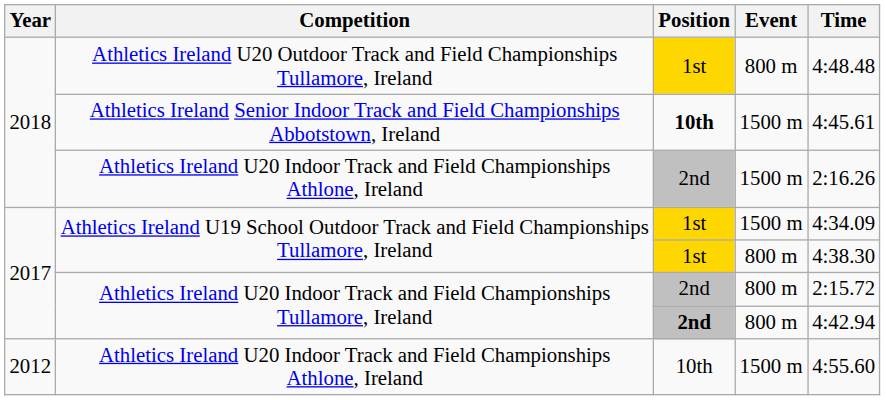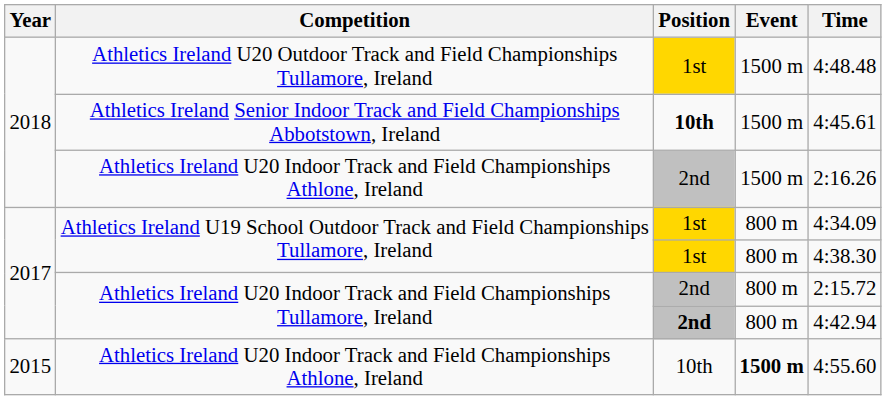 <table class="wikitable sortable" style=text-align:center>
 <tr>
 <th>Year</th>
 <th>Competition</th>
 <th>Position</th>
 <th>Event</th>
 <th>Time</th>
 </tr>
 <tr>
 <td rowspan=3>2018</td>
 <td><a href='#'>Athletics Ireland</a> U20 Outdoor Track and Field Championships<br><a href='#'>Tullamore</a>, Ireland</td>
 <td bgcolor=gold>1st</td>
-<td>800 m</td>
+<td>1500 m</td>
 <td>4:48.48</td>
 </tr>
 <tr>
 <td><a href='#'>Athletics Ireland</a> <a href='#'>Senior Indoor Track and Field Championships</a><br><a href='#'>Abbotstown</a>, Ireland</td>
 <td><strong>10th</strong></td>
 <td>1500 m</td>
 <td>4:45.61</td>
 </tr>
 <tr>
 <td><a href='#'>Athletics Ireland</a> U20 Indoor Track and Field Championships<br><a href='#'>Athlone</a>, Ireland</td>
 <td bgcolor=silver>2nd</td>
 <td>1500 m</td>
 <td>2:16.26</td>
 </tr>
 <tr>
 <td rowspan=4>2017</td>
 <td rowspan=2><a href='#'>Athletics Ireland</a> U19 School Outdoor Track and Field Championships<br><a href='#'>Tullamore</a>, Ireland</td>
 <td bgcolor=gold>1st</td>
-<td>1500 m</td>
+<td>800 m</td>
 <td>4:34.09</td>
 </tr>
 <tr>
 <td bgcolor=gold>1st</td>
 <td>800 m</td>
 <td>4:38.30</td>
 </tr>
 <tr>
 <td rowspan=2><a href='#'>Athletics Ireland</a> U20 Indoor Track and Field Championships<br><a href='#'>Tullamore</a>, Ireland</td>
 <td bgcolor=silver>2nd</td>
 <td>800 m</td>
 <td>2:15.72</td>
 </tr>
 <tr>
 <td bgcolor=silver><strong>2nd</strong></td>
 <td>800 m</td>
 <td>4:42.94</td>
 </tr>
 <tr>
-<td>2012</td>
+<td>2015</td>
 <td rowspan=1><a href='#'>Athletics Ireland</a> U20 Indoor Track and Field Championships<br><a href='#'>Athlone</a>, Ireland</td>
 <td>10th</td>
-<td>1500 m</td>
+<td><strong>1500 m</strong></td>
 <td>4:55.60</td>
 </tr>
 </table>
